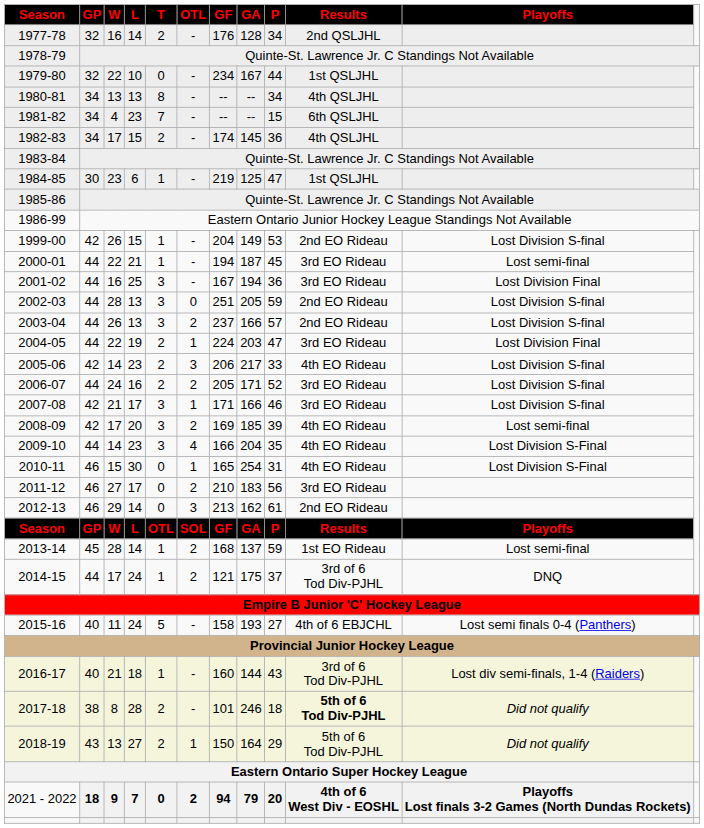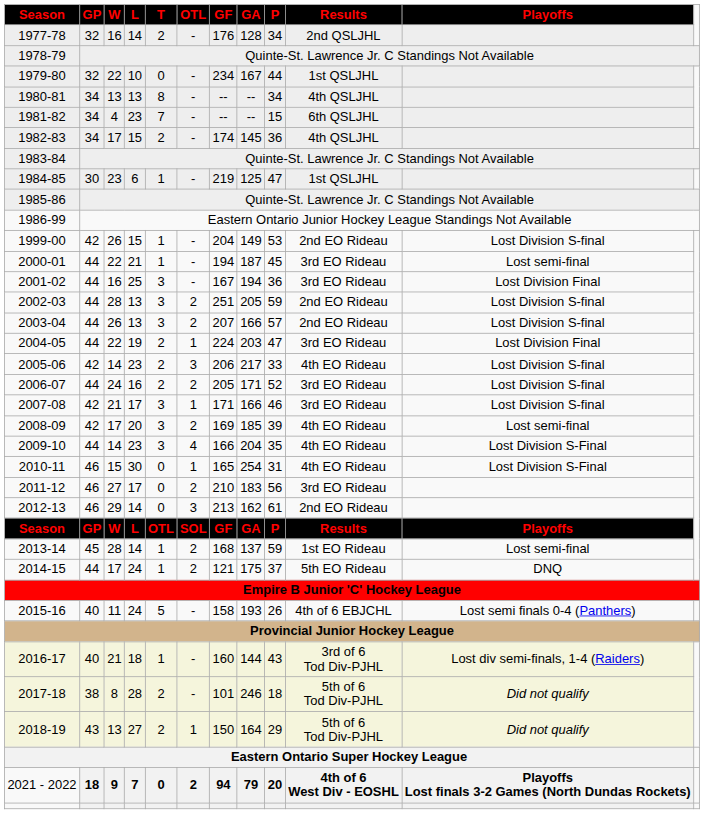 <table class="wikitable">
 <tr align="center" style="color: red" bgcolor=" black">
 <td><strong>Season</strong></td>
 <td><strong>GP</strong></td>
 <td><strong>W</strong></td>
 <td><strong>L</strong></td>
 <td><strong>T</strong></td>
 <td><strong>OTL</strong></td>
 <td><strong>GF</strong></td>
 <td><strong>GA</strong></td>
 <td><strong>P</strong></td>
 <td><strong>Results</strong></td>
 <td><strong>Playoffs</strong></td>
 </tr>
 <tr align="center"  bgcolor="#eeeeee">
 <td>1977-78</td>
 <td>32</td>
 <td>16</td>
 <td>14</td>
 <td>2</td>
 <td>-</td>
 <td>176</td>
 <td>128</td>
 <td>34</td>
 <td>2nd QSLJHL</td>
 <td></td>
 </tr>
 <tr align="center"  bgcolor="#eeeeee">
 <td>1978-79</td>
 <td colspan="11">Quinte-St. Lawrence Jr. C Standings Not Available</td>
 </tr>
 <tr align="center"  bgcolor="#eeeeee">
 <td>1979-80</td>
 <td>32</td>
 <td>22</td>
 <td>10</td>
 <td>0</td>
 <td>-</td>
 <td>234</td>
 <td>167</td>
 <td>44</td>
 <td>1st QSLJHL</td>
 <td></td>
 </tr>
 <tr align="center"  bgcolor="#eeeeee">
 <td>1980-81</td>
 <td>34</td>
 <td>13</td>
 <td>13</td>
 <td>8</td>
 <td>-</td>
 <td>--</td>
 <td>--</td>
 <td>34</td>
 <td>4th QSLJHL</td>
 <td></td>
 </tr>
 <tr align="center"  bgcolor="#eeeeee">
 <td>1981-82</td>
 <td>34</td>
 <td>4</td>
 <td>23</td>
 <td>7</td>
 <td>-</td>
 <td>--</td>
 <td>--</td>
 <td>15</td>
 <td>6th QSLJHL</td>
 <td></td>
 </tr>
 <tr align="center"  bgcolor="#eeeeee">
 <td>1982-83</td>
 <td>34</td>
 <td>17</td>
 <td>15</td>
 <td>2</td>
 <td>-</td>
 <td>174</td>
 <td>145</td>
 <td>36</td>
 <td>4th QSLJHL</td>
 <td></td>
 </tr>
 <tr align="center"  bgcolor="#eeeeee">
 <td>1983-84</td>
 <td colspan="11">Quinte-St. Lawrence Jr. C Standings Not Available</td>
 </tr>
 <tr align="center"  bgcolor="#eeeeee">
 <td>1984-85</td>
 <td>30</td>
 <td>23</td>
 <td>6</td>
 <td>1</td>
 <td>-</td>
 <td>219</td>
 <td>125</td>
 <td>47</td>
 <td>1st QSLJHL</td>
 <td></td>
 </tr>
 <tr align="center"  bgcolor="#eeeeee">
 <td>1985-86</td>
 <td colspan="11">Quinte-St. Lawrence Jr. C Standings Not Available</td>
 </tr>
 <tr align="center">
 <td>1986-99</td>
 <td colspan="11">Eastern Ontario Junior Hockey League Standings Not Available</td>
 </tr>
 <tr align="center">
 <td>1999-00</td>
 <td>42</td>
 <td>26</td>
 <td>15</td>
 <td>1</td>
 <td>-</td>
 <td>204</td>
 <td>149</td>
 <td>53</td>
 <td>2nd EO Rideau</td>
 <td>Lost Division S-final</td>
 </tr>
 <tr align="center">
 <td>2000-01</td>
 <td>44</td>
 <td>22</td>
 <td>21</td>
 <td>1</td>
 <td>-</td>
 <td>194</td>
 <td>187</td>
 <td>45</td>
 <td>3rd EO Rideau</td>
 <td>Lost semi-final</td>
 </tr>
 <tr align="center">
 <td>2001-02</td>
 <td>44</td>
 <td>16</td>
 <td>25</td>
 <td>3</td>
 <td>-</td>
 <td>167</td>
 <td>194</td>
 <td>36</td>
 <td>3rd EO Rideau</td>
 <td>Lost Division Final</td>
 </tr>
 <tr align="center">
 <td>2002-03</td>
 <td>44</td>
 <td>28</td>
 <td>13</td>
 <td>3</td>
-<td>0</td>
+<td>2</td>
 <td>251</td>
 <td>205</td>
 <td>59</td>
 <td>2nd EO Rideau</td>
 <td>Lost Division S-final</td>
 </tr>
 <tr align="center">
 <td>2003-04</td>
 <td>44</td>
 <td>26</td>
 <td>13</td>
 <td>3</td>
 <td>2</td>
-<td>237</td>
+<td>207</td>
 <td>166</td>
 <td>57</td>
 <td>2nd EO Rideau</td>
 <td>Lost Division S-final</td>
 </tr>
 <tr align="center">
 <td>2004-05</td>
 <td>44</td>
 <td>22</td>
 <td>19</td>
 <td>2</td>
 <td>1</td>
 <td>224</td>
 <td>203</td>
 <td>47</td>
 <td>3rd EO Rideau</td>
 <td>Lost Division Final</td>
 </tr>
 <tr align="center">
 <td>2005-06</td>
 <td>42</td>
 <td>14</td>
 <td>23</td>
 <td>2</td>
 <td>3</td>
 <td>206</td>
 <td>217</td>
 <td>33</td>
 <td>4th EO Rideau</td>
 <td>Lost Division S-final</td>
 </tr>
 <tr align="center">
 <td>2006-07</td>
 <td>44</td>
 <td>24</td>
 <td>16</td>
 <td>2</td>
 <td>2</td>
 <td>205</td>
 <td>171</td>
 <td>52</td>
 <td>3rd EO Rideau</td>
 <td>Lost Division S-final</td>
 </tr>
 <tr align="center">
 <td>2007-08</td>
 <td>42</td>
 <td>21</td>
 <td>17</td>
 <td>3</td>
 <td>1</td>
 <td>171</td>
 <td>166</td>
 <td>46</td>
 <td>3rd EO Rideau</td>
 <td>Lost Division S-final</td>
 </tr>
 <tr align="center">
 <td>2008-09</td>
 <td>42</td>
 <td>17</td>
 <td>20</td>
 <td>3</td>
 <td>2</td>
 <td>169</td>
 <td>185</td>
 <td>39</td>
 <td>4th EO Rideau</td>
 <td>Lost semi-final</td>
 </tr>
 <tr align="center">
 <td>2009-10</td>
 <td>44</td>
 <td>14</td>
 <td>23</td>
 <td>3</td>
 <td>4</td>
 <td>166</td>
 <td>204</td>
 <td>35</td>
 <td>4th EO Rideau</td>
 <td>Lost Division S-Final</td>
 </tr>
 <tr align="center">
 <td>2010-11</td>
 <td>46</td>
 <td>15</td>
 <td>30</td>
 <td>0</td>
 <td>1</td>
 <td>165</td>
 <td>254</td>
 <td>31</td>
 <td>4th EO Rideau</td>
 <td>Lost Division S-Final</td>
 </tr>
 <tr align="center">
 <td>2011-12</td>
 <td>46</td>
 <td>27</td>
 <td>17</td>
 <td>0</td>
 <td>2</td>
 <td>210</td>
 <td>183</td>
 <td>56</td>
 <td>3rd EO Rideau</td>
 <td></td>
 </tr>
 <tr align="center">
 <td>2012-13</td>
 <td>46</td>
 <td>29</td>
 <td>14</td>
 <td>0</td>
 <td>3</td>
 <td>213</td>
 <td>162</td>
 <td>61</td>
 <td>2nd EO Rideau</td>
 <td></td>
 </tr>
 <tr align="center" style="color: red" bgcolor=" black">
 <td><strong>Season</strong></td>
 <td><strong>GP</strong></td>
 <td><strong>W</strong></td>
 <td><strong>L</strong></td>
 <td><strong>OTL</strong></td>
 <td><strong>SOL</strong></td>
 <td><strong>GF</strong></td>
 <td><strong>GA</strong></td>
 <td><strong>P</strong></td>
 <td><strong>Results</strong></td>
 <td><strong>Playoffs</strong></td>
 </tr>
 <tr align="center">
 <td>2013-14</td>
 <td>45</td>
 <td>28</td>
 <td>14</td>
 <td>1</td>
 <td>2</td>
 <td>168</td>
 <td>137</td>
 <td>59</td>
 <td>1st EO Rideau</td>
 <td>Lost semi-final</td>
 </tr>
 <tr align="center">
 <td>2014-15</td>
 <td>44</td>
 <td>17</td>
 <td>24</td>
 <td>1</td>
 <td>2</td>
 <td>121</td>
 <td>175</td>
 <td>37</td>
-<td>3rd of 6<br>Tod Div-PJHL</td>
+<td>5th EO Rideau</td>
 <td>DNQ</td>
 </tr>
 <tr align="center"  bgcolor=red>
 <td colspan="12"><strong>Empire B Junior 'C' Hockey League</strong></td>
 </tr>
 <tr align="center">
 <td>2015-16</td>
 <td>40</td>
 <td>11</td>
 <td>24</td>
 <td>5</td>
 <td>-</td>
 <td>158</td>
 <td>193</td>
-<td>27</td>
+<td>26</td>
 <td>4th of 6 EBJCHL</td>
 <td>Lost semi finals 0-4 (<a href='#'>Panthers</a>)</td>
 </tr>
 <tr align="center"  bgcolor=tan>
 <td colspan="12"><strong>Provincial Junior Hockey League</strong></td>
 </tr>
 <tr align="center"  bgcolor=beige>
 <td>2016-17</td>
 <td>40</td>
 <td>21</td>
 <td>18</td>
 <td>1</td>
 <td>-</td>
 <td>160</td>
 <td>144</td>
 <td>43</td>
 <td>3rd of 6<br>Tod Div-PJHL</td>
 <td>Lost div semi-finals, 1-4 (<a href='#'>Raiders</a>)</td>
 </tr>
 <tr align="center"  bgcolor=beige>
 <td>2017-18</td>
 <td>38</td>
 <td>8</td>
 <td>28</td>
 <td>2</td>
 <td>-</td>
 <td>101</td>
 <td>246</td>
 <td>18</td>
-<td><strong>5th of 6<br>Tod Div-PJHL</strong></td>
+<td>5th of 6<br>Tod Div-PJHL</td>
 <td><em>Did not qualify</em></td>
 </tr>
 <tr align="center"  bgcolor=beige>
 <td>2018-19</td>
 <td>43</td>
 <td>13</td>
 <td>27</td>
 <td>2</td>
 <td>1</td>
 <td>150</td>
 <td>164</td>
 <td>29</td>
 <td>5th of 6<br>Tod Div-PJHL</td>
 <td><em>Did not qualify</em></td>
 </tr>
 <tr>
 <th colspan="11">Eastern Ontario Super Hockey League</th>
 <td></td>
 </tr>
 <tr>
 <td>2021 - 2022</td>
 <th>18</th>
 <th>9</th>
 <th>7</th>
 <th>0</th>
 <th>2</th>
 <th>94</th>
 <th>79</th>
 <th>20</th>
 <th>4th of 6<br>West Div - EOSHL</th>
 <th>Playoffs<br>Lost finals 3-2 Games  (North Dundas Rockets)</th>
 <td></td>
 </tr>
 <tr>
 <td></td>
 <th></th>
 <th></th>
 <th></th>
 <th></th>
 <th></th>
 <th></th>
 <th></th>
 <th></th>
 <th></th>
 <th></th>
 <td></td>
 </tr>
 </table>
